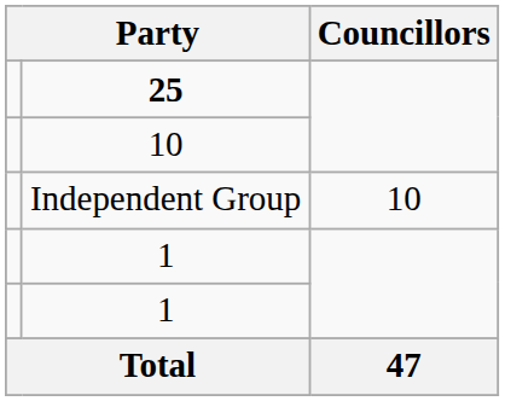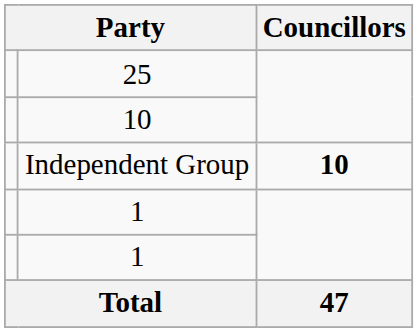 <table class="wikitable">
 <tr>
 <th colspan=2>Party</th>
 <th>Councillors</th>
 </tr>
 <tr>
 <td></td>
-<td align=center><strong>25</strong></td>
+<td align=center>25</td>
 </tr>
 <tr>
 <td></td>
 <td align=center>10</td>
 </tr>
 <tr>
 <td style="background-color: "></td>
 <td>Independent Group</td>
-<td align=center>10</td>
+<td align=center><strong>10</strong></td>
 </tr>
 <tr>
 <td></td>
 <td align=center>1</td>
 </tr>
 <tr>
 <td></td>
 <td align=center>1</td>
 </tr>
 <tr>
 <th colspan=2>Total</th>
 <th align=center>47</th>
 </tr>
 </table>
